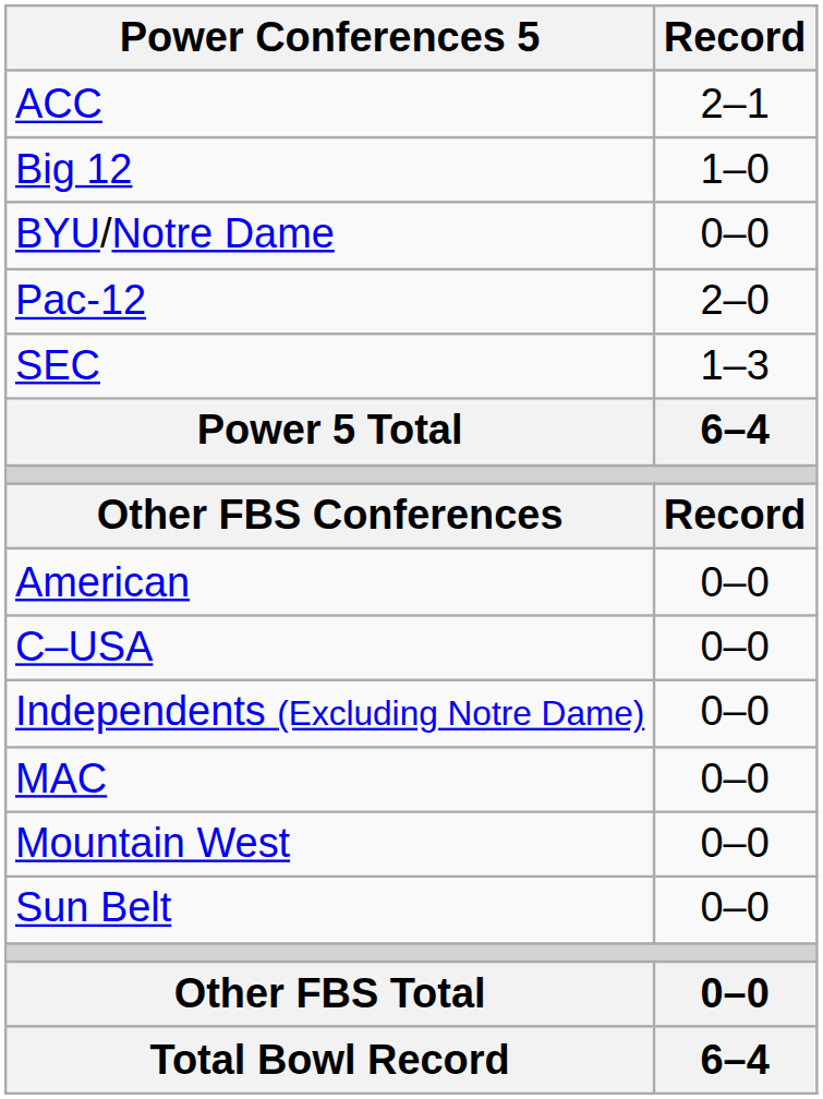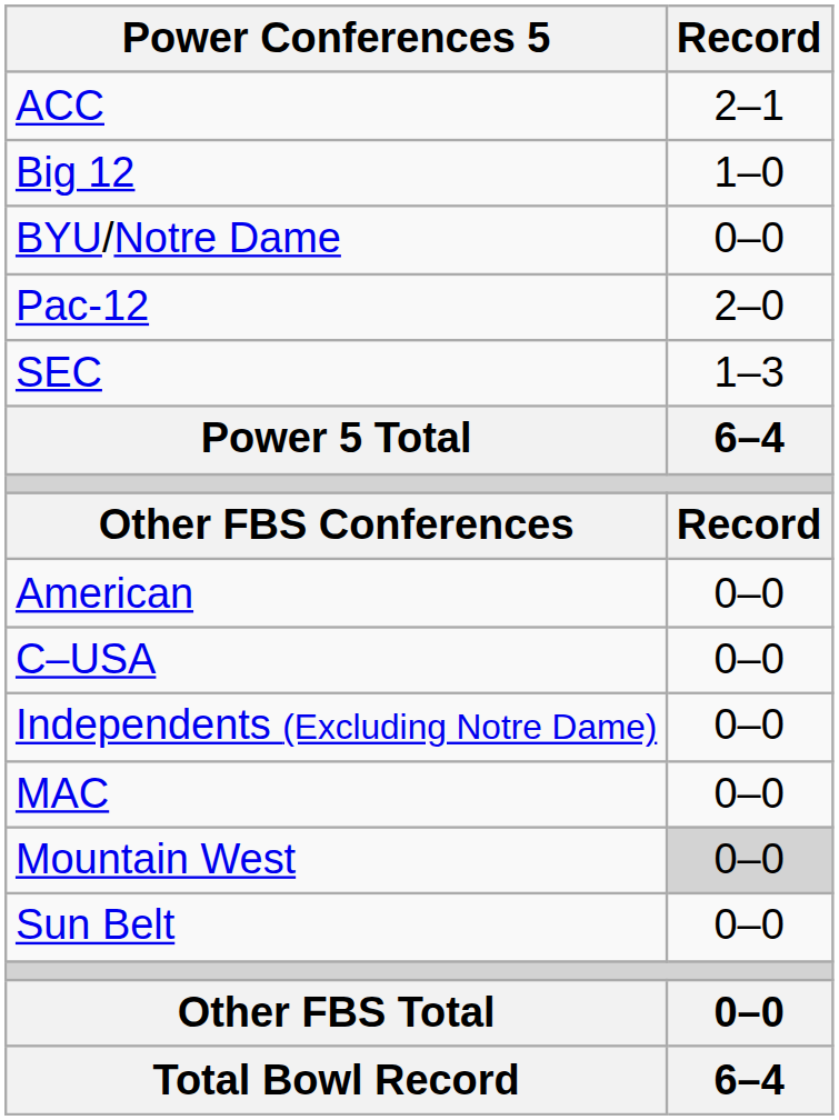 <table class="wikitable">
 <tr>
 <th>Power Conferences 5</th>
 <th>Record</th>
 </tr>
 <tr>
 <td><a href='#'>ACC</a></td>
 <td align=center>2–1</td>
 </tr>
 <tr>
 <td><a href='#'>Big 12</a></td>
 <td align=center>1–0</td>
 </tr>
 <tr>
 <td><a href='#'>BYU</a>/<a href='#'>Notre Dame</a></td>
 <td align=center>0–0</td>
 </tr>
 <tr>
 <td><a href='#'>Pac-12</a></td>
 <td align=center>2–0</td>
 </tr>
 <tr>
 <td><a href='#'>SEC</a></td>
 <td align=center>1–3</td>
 </tr>
 <tr>
 <th>Power 5 Total</th>
 <th>6–4</th>
 </tr>
 <tr>
 <th colspan="2" style="background:lightgrey;"></th>
 </tr>
 <tr>
 <th>Other FBS Conferences</th>
 <th>Record</th>
 </tr>
 <tr>
 <td><a href='#'>American</a></td>
 <td align=center>0–0</td>
 </tr>
 <tr>
 <td><a href='#'>C–USA</a></td>
 <td align=center>0–0</td>
 </tr>
 <tr>
 <td><a href='#'>Independents <small>(Excluding Notre Dame)</small></a></td>
 <td align=center>0–0</td>
 </tr>
 <tr>
 <td><a href='#'>MAC</a></td>
 <td align=center>0–0</td>
 </tr>
 <tr>
 <td><a href='#'>Mountain West</a></td>
-<td align=center>0–0</td>
+<td align=center style="background: lightgrey;">0–0</td>
 </tr>
 <tr>
 <td><a href='#'>Sun Belt</a></td>
 <td align=center>0–0</td>
 </tr>
 <tr>
 <th colspan="2" style="background:lightgrey;"></th>
 </tr>
 <tr>
 <th>Other FBS Total</th>
 <th>0–0</th>
 </tr>
 <tr>
 <th>Total Bowl Record</th>
 <th>6–4</th>
 </tr>
 </table>
